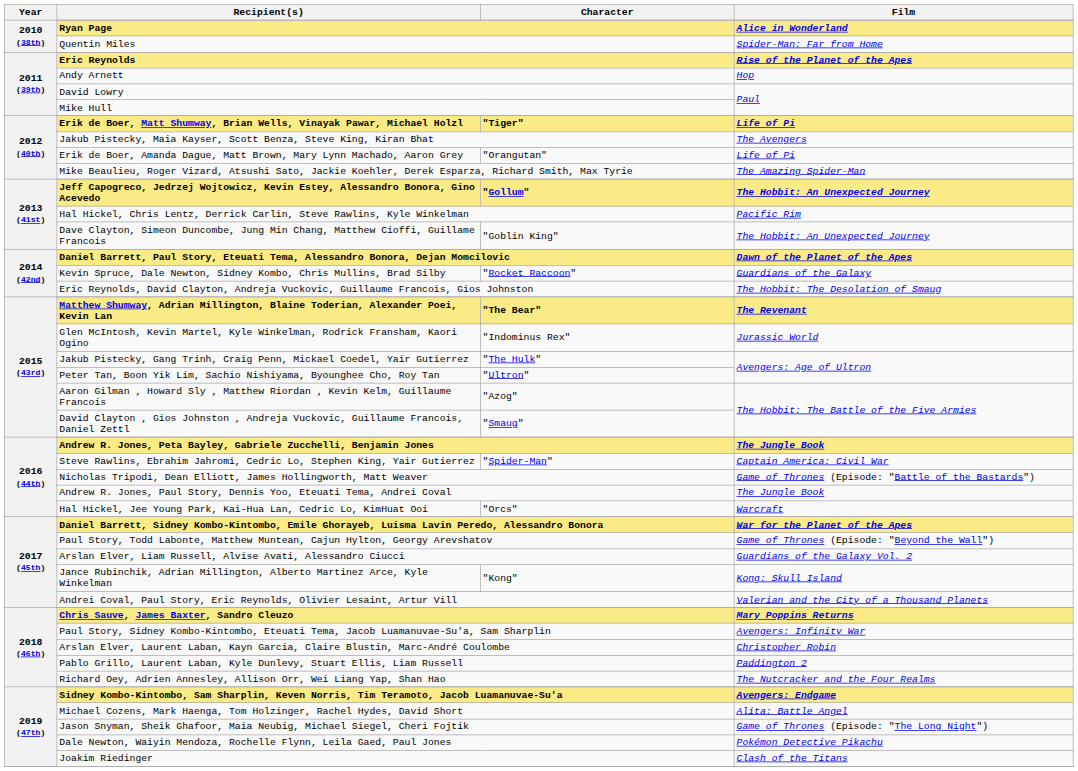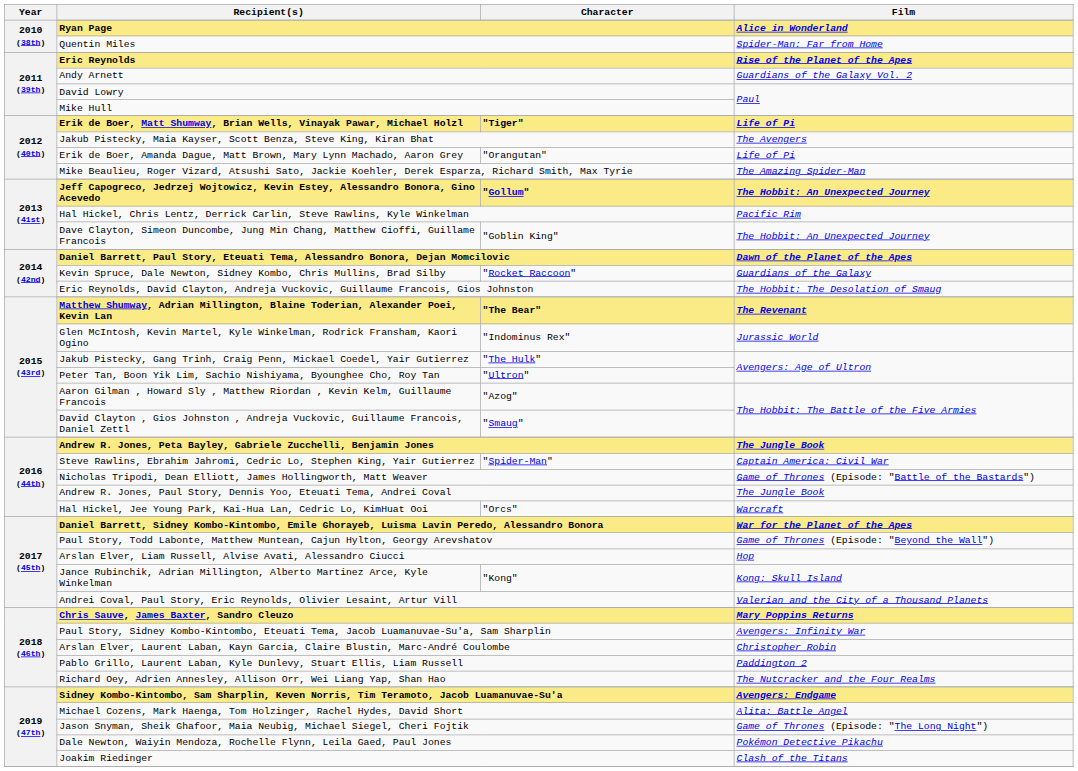 <table class="wikitable" style="width:90%;">
 <tr>
 <th style="width:3%;">Year</th>
 <th style="width:25%;">Recipient(s)</th>
 <th style="width:15%;">Character</th>
 <th style="width:20%;">Film</th>
 </tr>
 <tr>
 <th rowspan="3" style="text-align:center;">2010 <br><small>(<a href='#'>38th</a>)</small><br></th>
 </tr>
 <tr style="background:#FAEB86;">
 <td colspan="2"><strong>Ryan Page</strong></td>
 <td><strong><em><a href='#'>Alice in Wonderland</a></em></strong></td>
 </tr>
 <tr>
 <td colspan="2">Quentin Miles</td>
 <td><em><a href='#'>Spider-Man: Far from Home</a></em></td>
 </tr>
 <tr>
 <th rowspan="5" style="text-align:center;">2011 <br><small>(<a href='#'>39th</a>)</small><br></th>
 </tr>
 <tr style="background:#FAEB86;">
 <td colspan="2"><strong>Eric Reynolds</strong></td>
 <td><strong><em><a href='#'>Rise of the Planet of the Apes</a></em></strong></td>
 </tr>
 <tr>
 <td colspan="2">Andy Arnett</td>
-<td><em><a href='#'>Hop</a></em></td>
+<td><em><a href='#'>Guardians of the Galaxy Vol. 2</a></em></td>
 </tr>
 <tr>
 <td colspan="2">David Lowry</td>
 <td rowspan="2"><em><a href='#'>Paul</a></em></td>
 </tr>
 <tr>
 <td colspan="2">Mike Hull</td>
 </tr>
 <tr>
 <th rowspan="5" style="text-align:center;">2012 <br><small>(<a href='#'>40th</a>)</small><br></th>
 </tr>
 <tr style="background:#FAEB86;">
 <td><strong>Erik de Boer, <a href='#'>Matt Shumway</a>, Brian  Wells, Vinayak Pawar, Michael Holzl</strong></td>
 <td><strong>"Tiger"</strong></td>
 <td><strong><em><a href='#'>Life of Pi</a></em></strong></td>
 </tr>
 <tr>
 <td colspan="2">Jakub Pistecky, Maia Kayser, Scott Benza, Steve King, Kiran Bhat</td>
 <td><em><a href='#'>The Avengers</a></em></td>
 </tr>
 <tr>
 <td>Erik de Boer, Amanda Dague, Matt Brown, Mary Lynn Machado, Aaron Grey</td>
 <td>"Orangutan"</td>
 <td><em><a href='#'>Life of Pi</a></em></td>
 </tr>
 <tr>
 <td colspan="2">Mike Beaulieu, Roger Vizard, Atsushi Sato, Jackie Koehler, Derek Esparza, Richard Smith, Max Tyrie</td>
 <td><em><a href='#'>The Amazing Spider-Man</a></em></td>
 </tr>
 <tr>
 <th rowspan="4" style="text-align:center;">2013 <br><small>(<a href='#'>41st</a>)</small><br></th>
 </tr>
 <tr style="background:#FAEB86;">
 <td><strong>Jeff Capogreco, Jedrzej Wojtowicz, Kevin Estey, Alessandro Bonora, Gino Acevedo</strong></td>
 <td><strong>"<a href='#'>Gollum</a>"</strong></td>
 <td><strong><em><a href='#'>The Hobbit: An Unexpected Journey</a></em></strong></td>
 </tr>
 <tr>
 <td colspan="2">Hal Hickel, Chris Lentz, Derrick Carlin, Steve Rawlins, Kyle Winkelman</td>
 <td><em><a href='#'>Pacific Rim</a></em></td>
 </tr>
 <tr>
 <td>Dave Clayton, Simeon Duncombe, Jung Min Chang, Matthew Cioffi, Guillame Francois</td>
 <td>"Goblin King"</td>
 <td><em><a href='#'>The Hobbit: An Unexpected Journey</a></em></td>
 </tr>
 <tr>
 <th rowspan="4" style="text-align:center;">2014 <br><small>(<a href='#'>42nd</a>)</small><br></th>
 </tr>
 <tr style="background:#FAEB86;">
 <td colspan="2"><strong>Daniel Barrett, Paul Story, Eteuati Tema, Alessandro Bonora, Dejan Momcilovic</strong></td>
 <td><strong><em><a href='#'>Dawn of the Planet of the Apes</a></em></strong></td>
 </tr>
 <tr>
 <td>Kevin Spruce, Dale Newton, Sidney Kombo, Chris Mullins, Brad Silby</td>
 <td>"<a href='#'>Rocket Raccoon</a>"</td>
 <td><em><a href='#'>Guardians of the Galaxy</a></em></td>
 </tr>
 <tr>
 <td colspan="2">Eric Reynolds, David Clayton, Andreja Vuckovic, Guillaume Francois, Gios Johnston</td>
 <td><em><a href='#'>The Hobbit: The Desolation of Smaug</a></em></td>
 </tr>
 <tr>
 <th rowspan="7" style="text-align:center;">2015 <br><small>(<a href='#'>43rd</a>)</small><br></th>
 </tr>
 <tr style="background:#FAEB86;">
 <td><strong><a href='#'>Matthew Shumway</a>, Adrian Millington, Blaine Toderian, Alexander Poei, Kevin Lan</strong></td>
 <td><strong>"The Bear"</strong></td>
 <td><strong><em><a href='#'>The Revenant</a></em></strong></td>
 </tr>
 <tr>
 <td>Glen McIntosh, Kevin Martel, Kyle Winkelman, Rodrick Fransham, Kaori Ogino</td>
 <td>"Indominus Rex"</td>
 <td><em><a href='#'>Jurassic World</a></em></td>
 </tr>
 <tr>
 <td>Jakub Pistecky, Gang Trinh, Craig Penn, Mickael Coedel, Yair Gutierrez</td>
 <td>"<a href='#'>The Hulk</a>"</td>
 <td rowspan="2"><em><a href='#'>Avengers: Age of Ultron</a></em></td>
 </tr>
 <tr>
 <td>Peter Tan, Boon Yik Lim, Sachio Nishiyama, Byounghee Cho, Roy Tan</td>
 <td>"<a href='#'>Ultron</a>"</td>
 </tr>
 <tr>
 <td>Aaron Gilman , Howard Sly , Matthew Riordan , Kevin Kelm, Guillaume Francois</td>
 <td>"Azog"</td>
 <td rowspan="2"><em><a href='#'>The Hobbit: The Battle of the Five Armies</a></em></td>
 </tr>
 <tr>
 <td>David Clayton , Gios Johnston , Andreja Vuckovic, Guillaume Francois, Daniel Zettl</td>
 <td>"<a href='#'>Smaug</a>"</td>
 </tr>
 <tr>
 <th rowspan="6" style="text-align:center;">2016 <br><small>(<a href='#'>44th</a>)</small><br></th>
 </tr>
 <tr style="background:#FAEB86;">
 <td colspan="2"><strong>Andrew R. Jones, Peta Bayley, Gabriele Zucchelli, Benjamin Jones</strong></td>
 <td><strong><em><a href='#'>The Jungle Book</a></em></strong></td>
 </tr>
 <tr>
 <td>Steve Rawlins, Ebrahim Jahromi, Cedric Lo, Stephen King, Yair Gutierrez</td>
 <td>"<a href='#'>Spider-Man</a>"</td>
 <td><em><a href='#'>Captain America: Civil War</a></em></td>
 </tr>
 <tr>
 <td colspan="2">Nicholas Tripodi, Dean Elliott, James Hollingworth, Matt Weaver</td>
 <td><em><a href='#'>Game of Thrones</a></em> (Episode: "<a href='#'>Battle of the Bastards</a>")</td>
 </tr>
 <tr>
 <td colspan="2">Andrew R. Jones, Paul Story, Dennis Yoo, Eteuati Tema, Andrei Coval</td>
 <td><em><a href='#'>The Jungle Book</a></em></td>
 </tr>
 <tr>
 <td>Hal Hickel, Jee Young Park, Kai-Hua Lan, Cedric Lo, KimHuat Ooi</td>
 <td>"Orcs"</td>
 <td><em><a href='#'>Warcraft</a></em></td>
 </tr>
 <tr>
 <th rowspan="6" style="text-align:center;">2017 <br><small>(<a href='#'>45th</a>)</small><br></th>
 </tr>
 <tr style="background:#FAEB86;">
 <td colspan="2"><strong>Daniel Barrett, Sidney Kombo-Kintombo, Emile Ghorayeb, Luisma Lavin Peredo, Alessandro Bonora</strong></td>
 <td><strong><em><a href='#'>War for the Planet of the Apes</a></em></strong></td>
 </tr>
 <tr>
 <td colspan="2">Paul Story, Todd Labonte, Matthew Muntean, Cajun Hylton, Georgy Arevshatov</td>
 <td><em><a href='#'>Game of Thrones</a></em> (Episode: "<a href='#'>Beyond the Wall</a>")</td>
 </tr>
 <tr>
 <td colspan="2">Arslan Elver, Liam Russell, Alvise Avati, Alessandro Ciucci</td>
-<td><em><a href='#'>Guardians of the Galaxy Vol. 2</a></em></td>
+<td><em><a href='#'>Hop</a></em></td>
 </tr>
 <tr>
 <td>Jance Rubinchik, Adrian Millington, Alberto Martinez Arce, Kyle Winkelman</td>
 <td>"Kong"</td>
 <td><em><a href='#'>Kong: Skull Island</a></em></td>
 </tr>
 <tr>
 <td colspan="2">Andrei Coval, Paul Story, Eric Reynolds, Olivier Lesaint, Artur Vill</td>
 <td><em><a href='#'>Valerian and the City of a Thousand Planets</a></em></td>
 </tr>
 <tr>
 <th rowspan="6" style="text-align:center;">2018 <br><small>(<a href='#'>46th</a>)</small><br></th>
 </tr>
 <tr style="background:#FAEB86;">
 <td colspan="2"><strong><a href='#'>Chris Sauve</a>, <a href='#'>James Baxter</a>, Sandro Cleuzo</strong></td>
 <td><strong><em><a href='#'>Mary Poppins Returns</a></em></strong></td>
 </tr>
 <tr>
 <td colspan="2">Paul Story, Sidney Kombo-Kintombo, Eteuati Tema, Jacob Luamanuvae-Su'a, Sam Sharplin</td>
 <td><em><a href='#'>Avengers: Infinity War</a></em></td>
 </tr>
 <tr>
 <td colspan="2">Arslan Elver, Laurent Laban, Kayn Garcia, Claire Blustin, Marc-André Coulombe</td>
 <td><em><a href='#'>Christopher Robin</a></em></td>
 </tr>
 <tr>
 <td colspan="2">Pablo Grillo, Laurent Laban, Kyle Dunlevy, Stuart Ellis, Liam Russell</td>
 <td><em><a href='#'>Paddington 2</a></em></td>
 </tr>
 <tr>
 <td colspan="2">Richard Oey, Adrien Annesley, Allison Orr, Wei Liang Yap, Shan Hao</td>
 <td><em><a href='#'>The Nutcracker and the Four Realms</a></em></td>
 </tr>
 <tr>
 <th rowspan="6" style="text-align:center;">2019 <br><small>(<a href='#'>47th</a>)</small><br></th>
 </tr>
 <tr style="background:#FAEB86;">
 <td colspan="2"><strong>Sidney Kombo-Kintombo, Sam Sharplin, Keven Norris, Tim Teramoto, Jacob Luamanuvae-Su'a</strong></td>
 <td><strong><em><a href='#'>Avengers: Endgame</a></em></strong></td>
 </tr>
 <tr>
 <td colspan="2">Michael Cozens, Mark Haenga, Tom Holzinger, Rachel Hydes, David Short</td>
 <td><em><a href='#'>Alita: Battle Angel</a></em></td>
 </tr>
 <tr>
 <td colspan="2">Jason Snyman, Sheik Ghafoor, Maia Neubig, Michael Siegel, Cheri Fojtik</td>
 <td><em><a href='#'>Game of Thrones</a></em> (Episode: "<a href='#'>The Long Night</a>")</td>
 </tr>
 <tr>
 <td colspan="2">Dale Newton, Waiyin Mendoza, Rochelle Flynn, Leila Gaed, Paul Jones</td>
 <td><em><a href='#'>Pokémon Detective Pikachu</a></em></td>
 </tr>
 <tr>
 <td colspan="2">Joakim Riedinger</td>
 <td><em><a href='#'>Clash of the Titans</a></em></td>
 </tr>
 <tr>
 </tr>
 </table>
